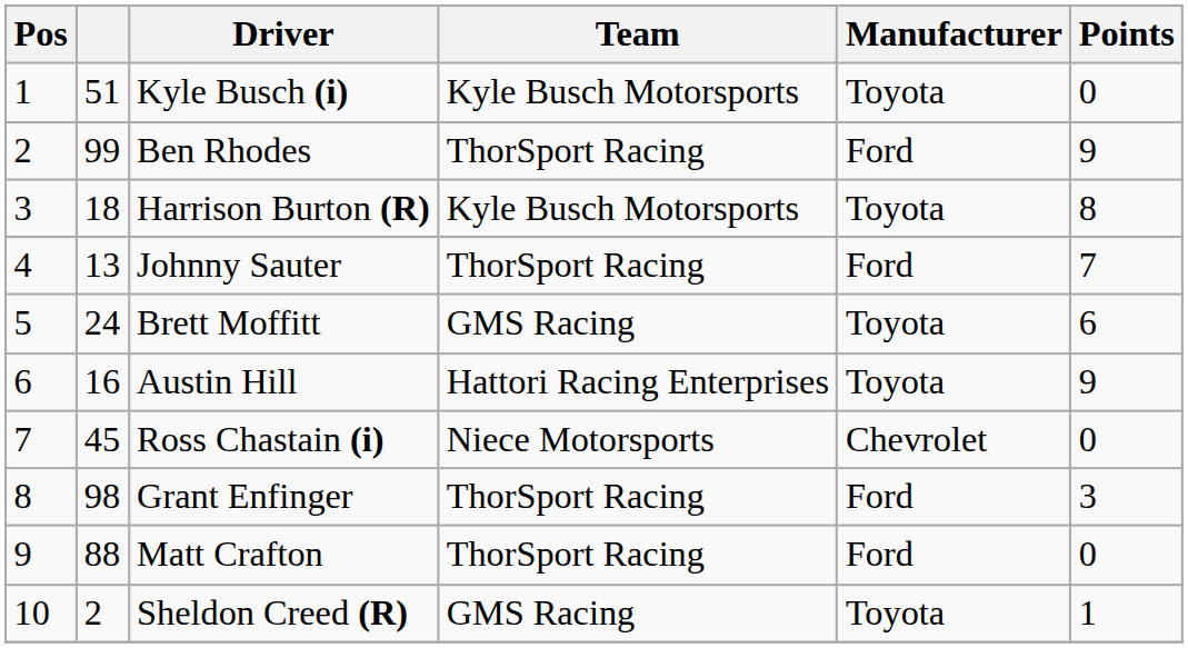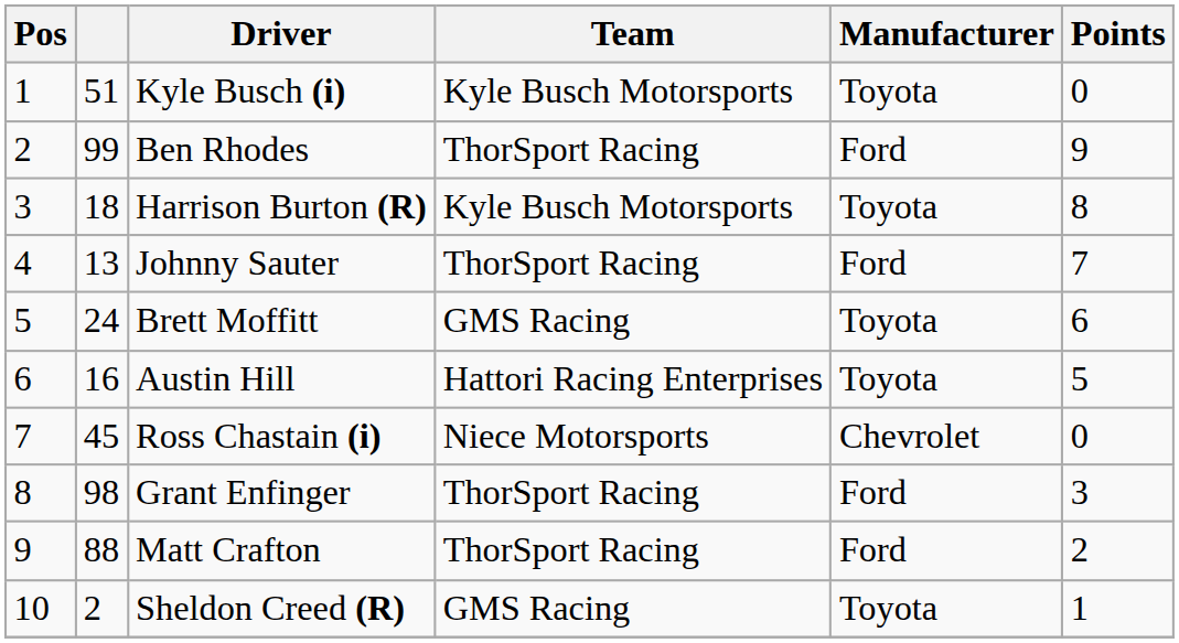 <table class="wikitable" style="font-size:98%">
 <tr>
 <th>Pos</th>
 <th></th>
 <th>Driver</th>
 <th>Team</th>
 <th>Manufacturer</th>
 <th>Points</th>
 </tr>
 <tr>
 <td>1</td>
 <td>51</td>
 <td>Kyle Busch <strong>(i)</strong></td>
 <td>Kyle Busch Motorsports</td>
 <td>Toyota</td>
 <td>0</td>
 </tr>
 <tr>
 <td>2</td>
 <td>99</td>
 <td>Ben Rhodes</td>
 <td>ThorSport Racing</td>
 <td>Ford</td>
 <td>9</td>
 </tr>
 <tr>
 <td>3</td>
 <td>18</td>
 <td>Harrison Burton <strong>(R)</strong></td>
 <td>Kyle Busch Motorsports</td>
 <td>Toyota</td>
 <td>8</td>
 </tr>
 <tr>
 <td>4</td>
 <td>13</td>
 <td>Johnny Sauter</td>
 <td>ThorSport Racing</td>
 <td>Ford</td>
 <td>7</td>
 </tr>
 <tr>
 <td>5</td>
 <td>24</td>
 <td>Brett Moffitt</td>
 <td>GMS Racing</td>
 <td>Toyota</td>
 <td>6</td>
 </tr>
 <tr>
 <td>6</td>
 <td>16</td>
 <td>Austin Hill</td>
 <td>Hattori Racing Enterprises</td>
 <td>Toyota</td>
-<td>9</td>
+<td>5</td>
 </tr>
 <tr>
 <td>7</td>
 <td>45</td>
 <td>Ross Chastain <strong>(i)</strong></td>
 <td>Niece Motorsports</td>
 <td>Chevrolet</td>
 <td>0</td>
 </tr>
 <tr>
 <td>8</td>
 <td>98</td>
 <td>Grant Enfinger</td>
 <td>ThorSport Racing</td>
 <td>Ford</td>
 <td>3</td>
 </tr>
 <tr>
 <td>9</td>
 <td>88</td>
 <td>Matt Crafton</td>
 <td>ThorSport Racing</td>
 <td>Ford</td>
-<td>0</td>
+<td>2</td>
 </tr>
 <tr>
 <td>10</td>
 <td>2</td>
 <td>Sheldon Creed <strong>(R)</strong></td>
 <td>GMS Racing</td>
 <td>Toyota</td>
 <td>1</td>
 </tr>
 <tr>
 </tr>
 </table>
